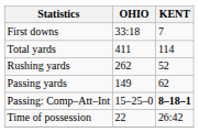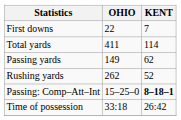 <table class="wikitable" style="float:left">
 <tr>
 <th>Statistics</th>
 <th>OHIO</th>
 <th>KENT</th>
 </tr>
 <tr>
 <td>First downs</td>
-<td>33:18</td>
+<td>22</td>
 <td>7</td>
 </tr>
 <tr>
 <td>Total yards</td>
 <td>411</td>
 <td>114</td>
 </tr>
 <tr>
+<td>Passing yards</td>
+<td>149</td>
+<td>62</td>
+</tr>
+<tr>
 <td>Rushing yards</td>
 <td>262</td>
 <td>52</td>
-</tr>
-<tr>
-<td>Passing yards</td>
-<td>149</td>
-<td>62</td>
 </tr>
 <tr>
 <td>Passing: Comp–Att–Int</td>
 <td>15–25–0</td>
 <td><strong>8–18–1</strong></td>
 </tr>
 <tr>
 <td>Time of possession</td>
-<td>22</td>
+<td>33:18</td>
 <td>26:42</td>
 </tr>
 <tr>
 </tr>
 </table>
